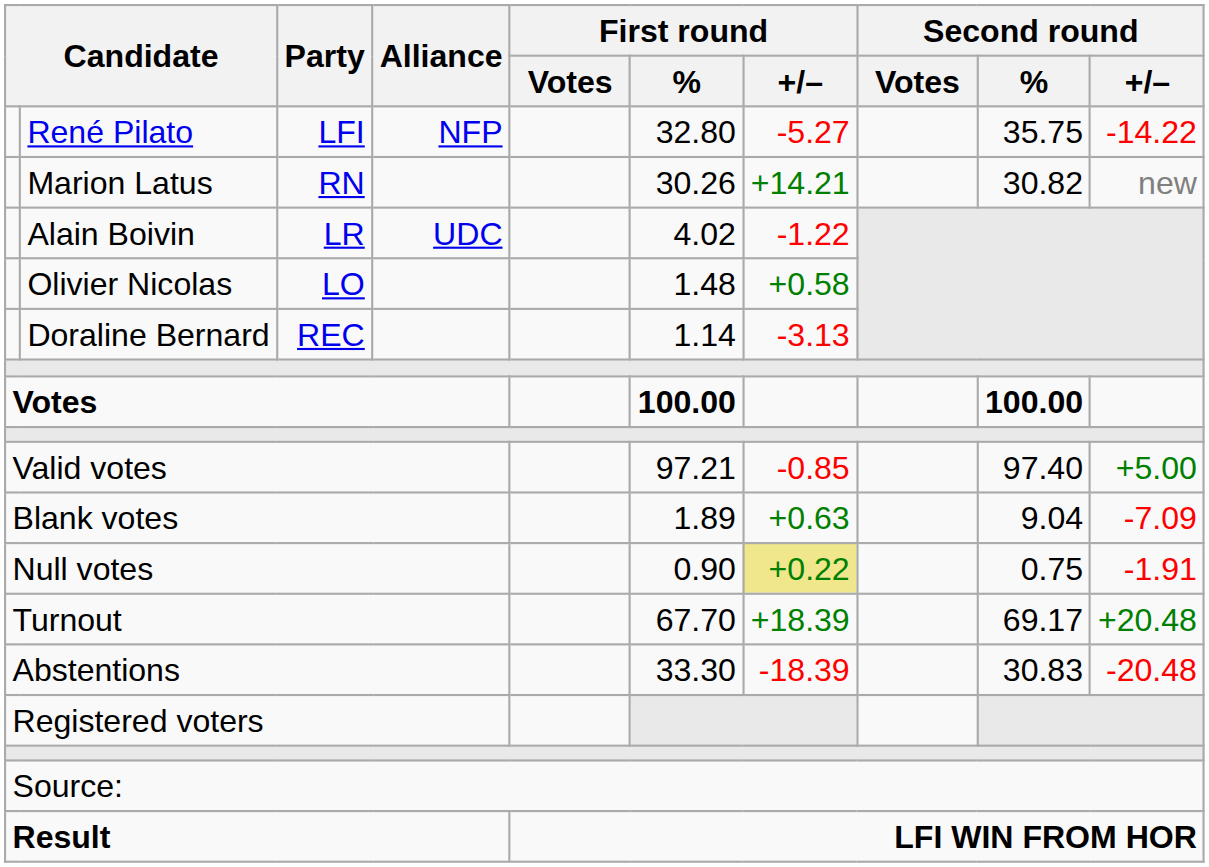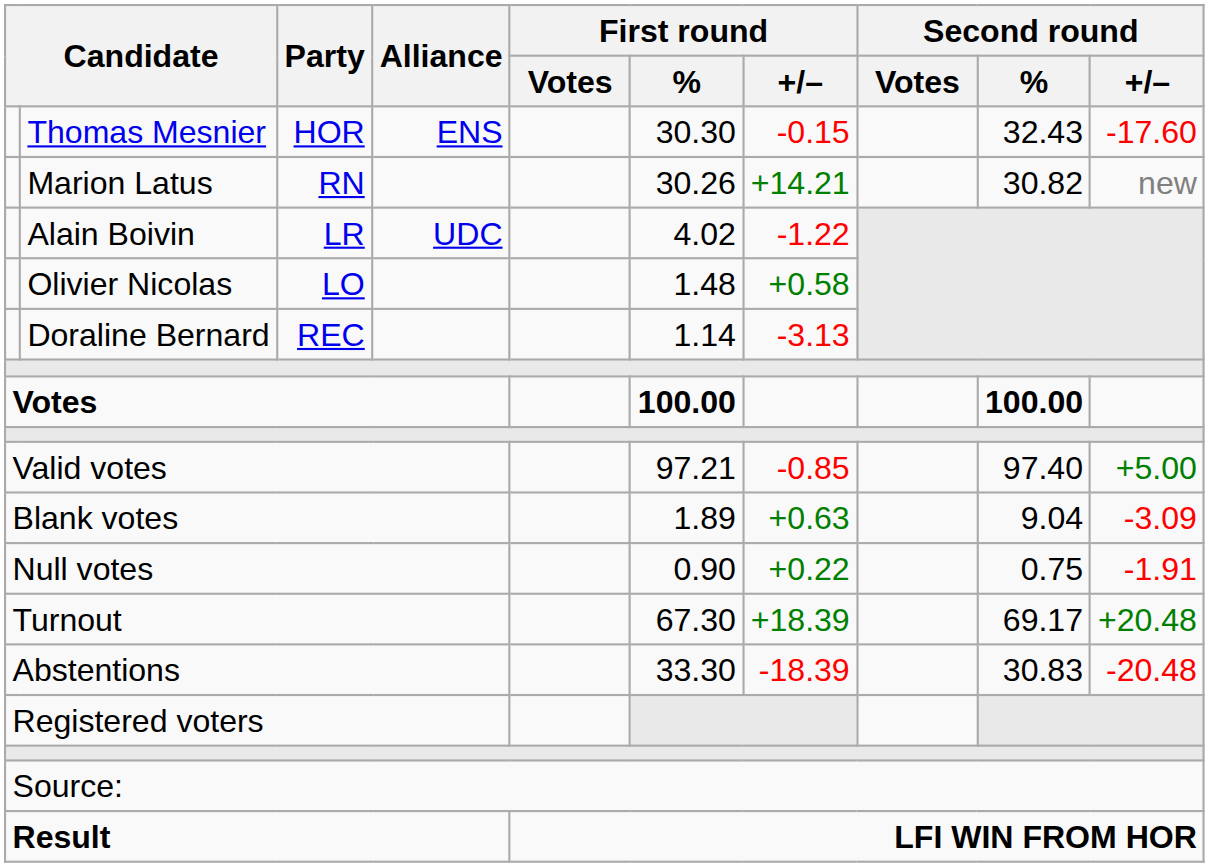 <table class="wikitable" style="text-align:right;font-size:95%;">
 <tr>
 <th rowspan="2" colspan="2">Candidate</th>
 <th colspan="1" rowspan="2">Party</th>
 <th colspan="1" rowspan="2">Alliance</th>
 <th colspan="3">First round</th>
 <th colspan="3">Second round</th>
 </tr>
 <tr>
 <th style="width:50px;">Votes</th>
 <th style="width:45px;">%</th>
 <th style="width:45px;">+/–</th>
 <th style="width:50px;">Votes</th>
 <th style="width:45px;">%</th>
 <th style="width:45px;">+/–</th>
 </tr>
 <tr>
 <td style="color:inherit;background:"></td>
-<td style="text-align:left;"><a href='#'>René Pilato</a></td>
-<td><a href='#'>LFI</a></td>
-<td><a href='#'>NFP</a></td>
+<td style="text-align:left;"><a href='#'>Thomas Mesnier</a></td>
+<td><a href='#'>HOR</a></td>
+<td><a href='#'>ENS</a></td>
 <td></td>
-<td>32.80</td>
-<td style="color:red;">-5.27</td>
+<td>30.30</td>
+<td style="color:red;">-0.15</td>
 <td></td>
-<td>35.75</td>
-<td style="color:red;">-14.22</td>
+<td>32.43</td>
+<td style="color:red;">-17.60</td>
 </tr>
 <tr>
 <td style="color:inherit;background:"></td>
 <td style="text-align:left;">Marion Latus</td>
 <td><a href='#'>RN</a></td>
 <td></td>
 <td></td>
 <td>30.26</td>
 <td style="color:green;">+14.21</td>
 <td></td>
 <td>30.82</td>
 <td style="color:grey;">new</td>
 </tr>
 <tr>
 <td style="color:inherit;background:"></td>
 <td style="text-align:left;">Alain Boivin</td>
 <td><a href='#'>LR</a></td>
 <td><a href='#'>UDC</a></td>
 <td></td>
 <td>4.02</td>
 <td style="color:red;">-1.22</td>
 <td colspan="3" rowspan="3" style="background:#E9E9E9;"></td>
 </tr>
 <tr>
 <td style="color:inherit;background:"></td>
 <td style="text-align:left;">Olivier Nicolas</td>
 <td><a href='#'>LO</a></td>
 <td></td>
 <td></td>
 <td>1.48</td>
 <td style="color:green;">+0.58</td>
 </tr>
 <tr>
 <td style="color:inherit;background:"></td>
 <td style="text-align:left;">Doraline Bernard</td>
 <td><a href='#'>REC</a></td>
 <td></td>
 <td></td>
 <td>1.14</td>
 <td style="color:red;">-3.13</td>
 </tr>
 <tr>
 <td colspan="10" style="background:#E9E9E9;"></td>
 </tr>
 <tr style="font-weight:bold;">
 <td colspan="4" style="text-align:left;">Votes</td>
 <td></td>
 <td>100.00</td>
 <td></td>
 <td></td>
 <td>100.00</td>
 <td></td>
 </tr>
 <tr>
 <td colspan="10" style="background:#E9E9E9;"></td>
 </tr>
 <tr>
 <td colspan="4" style="text-align:left;">Valid votes</td>
 <td></td>
 <td>97.21</td>
 <td style="color:red;">-0.85</td>
 <td></td>
 <td>97.40</td>
 <td style="color:green;">+5.00</td>
 </tr>
 <tr>
 <td colspan="4" style="text-align:left;">Blank votes</td>
 <td></td>
 <td>1.89</td>
 <td style="color:green;">+0.63</td>
 <td></td>
 <td>9.04</td>
-<td style="color:red;">-7.09</td>
+<td style="color:red;">-3.09</td>
 </tr>
 <tr>
 <td colspan="4" style="text-align:left;">Null votes</td>
 <td></td>
 <td>0.90</td>
-<td style="background: khaki; color:green;">+0.22</td>
+<td style="color:green;">+0.22</td>
 <td></td>
 <td>0.75</td>
 <td style="color:red;">-1.91</td>
 </tr>
 <tr>
 <td colspan="4" style="text-align:left;">Turnout</td>
 <td></td>
-<td>67.70</td>
+<td>67.30</td>
 <td style="color:green;">+18.39</td>
 <td></td>
 <td>69.17</td>
 <td style="color:green;">+20.48</td>
 </tr>
 <tr>
 <td colspan="4" style="text-align:left;">Abstentions</td>
 <td></td>
 <td>33.30</td>
 <td style="color:red;">-18.39</td>
 <td></td>
 <td>30.83</td>
 <td style="color:red;">-20.48</td>
 </tr>
 <tr>
 <td colspan="4" style="text-align:left;">Registered voters</td>
 <td></td>
 <td colspan="2" style="background:#E9E9E9;"></td>
 <td></td>
 <td colspan="2" style="background:#E9E9E9;"></td>
 </tr>
 <tr>
 <td colspan="10" style="background:#E9E9E9;"></td>
 </tr>
 <tr>
 <td colspan="10" style="text-align:left;">Source: </td>
 </tr>
 <tr style="font-weight:bold">
 <td colspan="4" style="text-align:left;">Result</td>
 <td colspan="6" style="background-color:">LFI WIN FROM HOR</td>
 </tr>
 </table>
